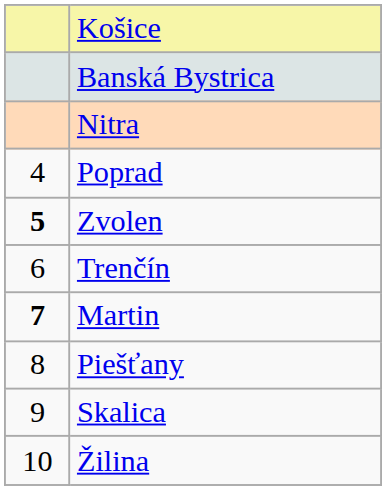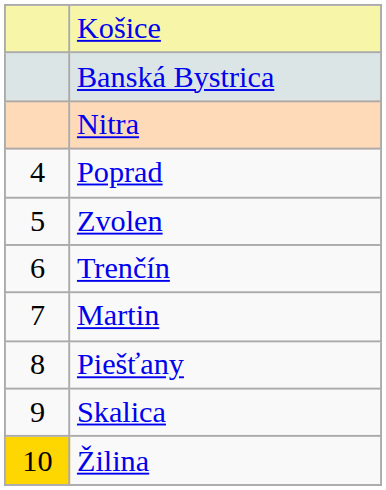 <table class="wikitable" style="width:200px;">
 <tr style="background:#F7F6A8;">
 <td align=center></td>
 <td><a href='#'>Košice</a></td>
 </tr>
 <tr style="background:#DCE5E5;">
 <td align=center></td>
 <td><a href='#'>Banská Bystrica</a></td>
 </tr>
 <tr style="background:#FFDAB9;">
 <td align=center></td>
 <td><a href='#'>Nitra</a></td>
 </tr>
 <tr>
 <td align=center>4</td>
 <td><a href='#'>Poprad</a></td>
 </tr>
 <tr>
-<td align=center><strong>5</strong></td>
+<td align=center>5</td>
 <td><a href='#'>Zvolen</a></td>
 </tr>
 <tr>
 <td align=center>6</td>
 <td><a href='#'>Trenčín</a></td>
 </tr>
 <tr>
-<td align=center><strong>7</strong></td>
+<td align=center>7</td>
 <td><a href='#'>Martin</a></td>
 </tr>
 <tr>
 <td align=center>8</td>
 <td><a href='#'>Piešťany</a></td>
 </tr>
 <tr>
 <td align=center>9</td>
 <td><a href='#'>Skalica</a></td>
 </tr>
 <tr>
-<td align=center>10</td>
+<td align=center style="background: gold;">10</td>
 <td><a href='#'>Žilina</a></td>
 </tr>
 </table>
